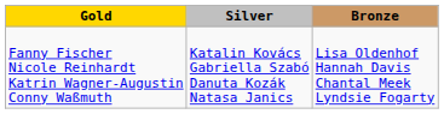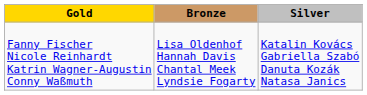 <table class="wikitable">
 <tr>
 <td align=center bgcolor=gold> <strong>Gold</strong></td>
+<td align=center bgcolor=cc9966> <strong>Bronze</strong></td>
 <td align=center bgcolor=silver> <strong>Silver</strong></td>
-<td align=center bgcolor=cc9966> <strong>Bronze</strong></td>
 </tr>
 <tr>
 <td><br><a href='#'>Fanny Fischer</a><br><a href='#'>Nicole Reinhardt</a><br><a href='#'>Katrin Wagner-Augustin</a><br><a href='#'>Conny Waßmuth</a></td>
+<td><br><a href='#'>Lisa Oldenhof</a><br><a href='#'>Hannah Davis</a><br><a href='#'>Chantal Meek</a><br><a href='#'>Lyndsie Fogarty</a></td>
 <td><br><a href='#'>Katalin Kovács</a><br><a href='#'>Gabriella Szabó</a><br><a href='#'>Danuta Kozák</a><br><a href='#'>Natasa Janics</a></td>
-<td><br><a href='#'>Lisa Oldenhof</a><br><a href='#'>Hannah Davis</a><br><a href='#'>Chantal Meek</a><br><a href='#'>Lyndsie Fogarty</a></td>
 </tr>
 </table>
